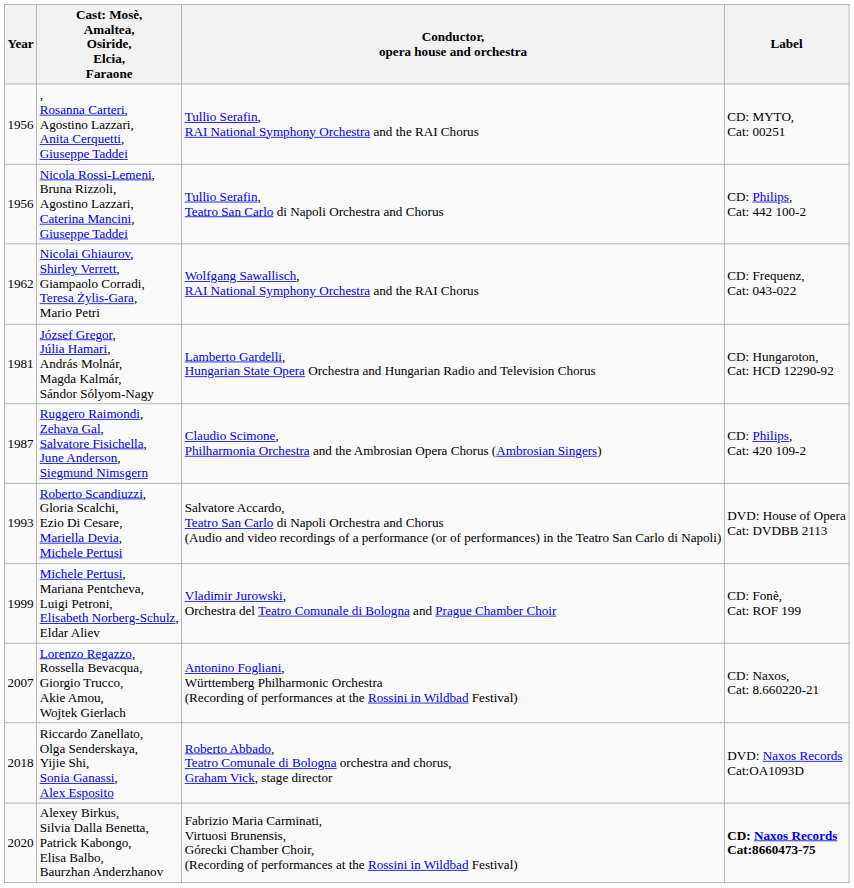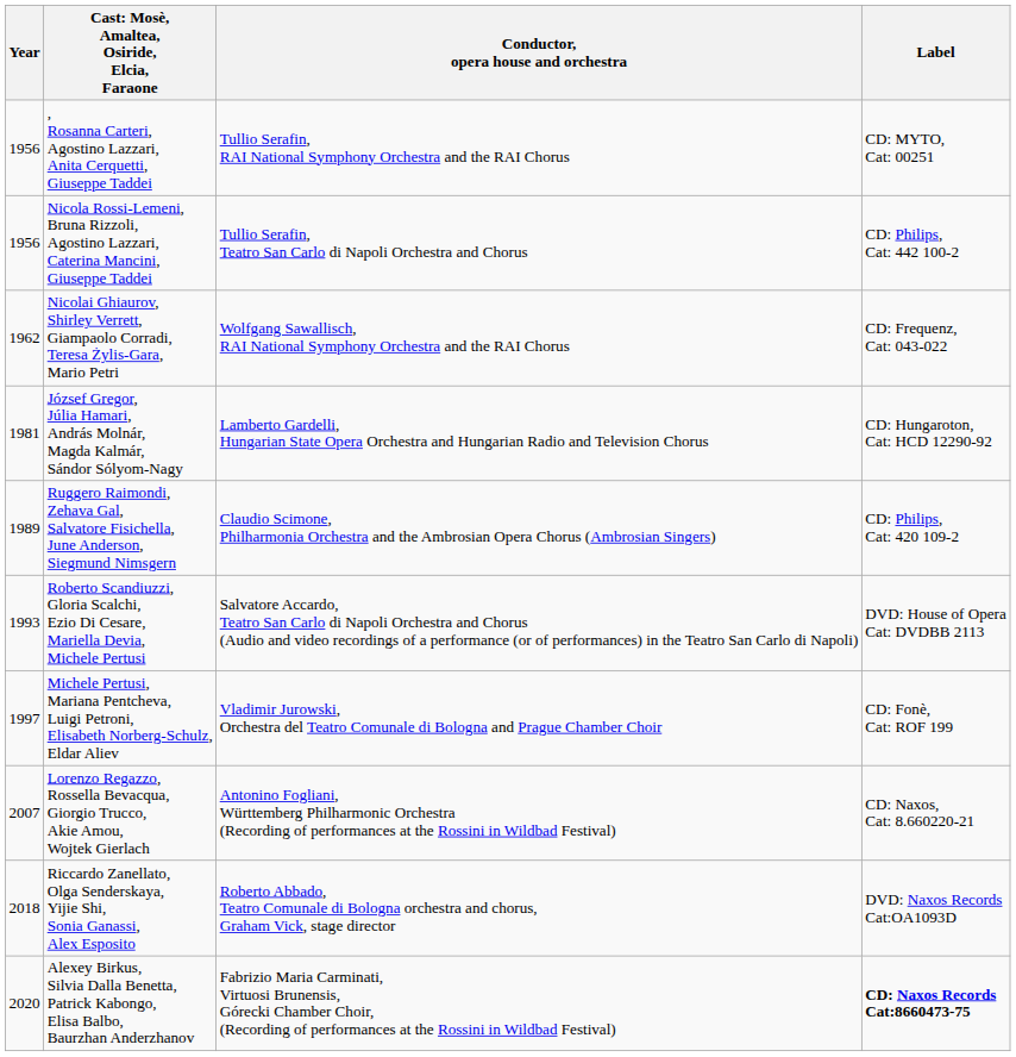 <table class="wikitable">
 <tr>
 <th>Year</th>
 <th>Cast: Mosè,<br>Amaltea,<br>Osiride,<br>Elcia,<br>Faraone</th>
 <th>Conductor,<br>opera house and orchestra</th>
 <th>Label</th>
 </tr>
 <tr>
 <td>1956</td>
 <td>,<br><a href='#'>Rosanna Carteri</a>,<br>Agostino Lazzari,<br><a href='#'>Anita Cerquetti</a>,<br><a href='#'>Giuseppe Taddei</a></td>
 <td><a href='#'>Tullio Serafin</a>,<br><a href='#'>RAI National Symphony Orchestra</a> and the RAI Chorus</td>
 <td>CD: MYTO,<br>Cat: 00251</td>
 </tr>
 <tr>
 <td>1956</td>
 <td><a href='#'>Nicola Rossi-Lemeni</a>,<br>Bruna Rizzoli,<br>Agostino Lazzari,<br><a href='#'>Caterina Mancini</a>,<br><a href='#'>Giuseppe Taddei</a></td>
 <td><a href='#'>Tullio Serafin</a>,<br><a href='#'>Teatro San Carlo</a> di Napoli Orchestra and Chorus</td>
 <td>CD: <a href='#'>Philips</a>,<br>Cat: 442 100-2</td>
 </tr>
 <tr>
 <td>1962</td>
 <td><a href='#'>Nicolai Ghiaurov</a>,<br><a href='#'>Shirley Verrett</a>,<br>Giampaolo Corradi,<br><a href='#'>Teresa Żylis-Gara</a>,<br>Mario Petri</td>
 <td><a href='#'>Wolfgang Sawallisch</a>,<br><a href='#'>RAI National Symphony Orchestra</a> and the RAI Chorus</td>
 <td>CD: Frequenz,<br>Cat: 043-022</td>
 </tr>
 <tr>
 <td>1981</td>
 <td><a href='#'>József Gregor</a>,<br><a href='#'>Júlia Hamari</a>,<br>András Molnár,<br>Magda Kalmár,<br>Sándor Sólyom-Nagy</td>
 <td><a href='#'>Lamberto Gardelli</a>,<br><a href='#'>Hungarian State Opera</a> Orchestra and Hungarian Radio and Television Chorus</td>
 <td>CD: Hungaroton,<br>Cat: HCD 12290-92</td>
 </tr>
 <tr>
-<td>1987</td>
+<td>1989</td>
 <td><a href='#'>Ruggero Raimondi</a>,<br><a href='#'>Zehava Gal</a>,<br><a href='#'>Salvatore Fisichella</a>,<br><a href='#'>June Anderson</a>,<br><a href='#'>Siegmund Nimsgern</a></td>
 <td><a href='#'>Claudio Scimone</a>,<br><a href='#'>Philharmonia Orchestra</a> and the Ambrosian Opera Chorus (<a href='#'>Ambrosian Singers</a>)</td>
 <td>CD: <a href='#'>Philips</a>,<br>Cat: 420 109-2</td>
 </tr>
 <tr>
 <td>1993</td>
 <td><a href='#'>Roberto Scandiuzzi</a>,<br>Gloria Scalchi,<br>Ezio Di Cesare,<br><a href='#'>Mariella Devia</a>,<br><a href='#'>Michele Pertusi</a></td>
 <td>Salvatore Accardo,<br><a href='#'>Teatro San Carlo</a> di Napoli Orchestra and Chorus<br>(Audio and video recordings of a performance (or of performances) in the Teatro San Carlo di Napoli)</td>
 <td>DVD: House of Opera<br>Cat: DVDBB 2113</td>
 </tr>
 <tr>
-<td>1999</td>
+<td>1997</td>
 <td><a href='#'>Michele Pertusi</a>,<br>Mariana Pentcheva,<br>Luigi Petroni,<br><a href='#'>Elisabeth Norberg-Schulz</a>,<br>Eldar Aliev</td>
 <td><a href='#'>Vladimir Jurowski</a>,<br>Orchestra del <a href='#'>Teatro Comunale di Bologna</a> and <a href='#'>Prague Chamber Choir</a></td>
 <td>CD: Fonè,<br>Cat: ROF 199</td>
 </tr>
 <tr>
 <td>2007</td>
 <td><a href='#'>Lorenzo Regazzo</a>,<br>Rossella Bevacqua,<br>Giorgio Trucco,<br>Akie Amou,<br>Wojtek Gierlach</td>
 <td><a href='#'>Antonino Fogliani</a>,<br>Württemberg Philharmonic Orchestra<br>(Recording of performances at the <a href='#'>Rossini in Wildbad</a> Festival)</td>
 <td>CD: Naxos,<br>Cat: 8.660220-21</td>
 </tr>
 <tr>
 <td>2018</td>
 <td>Riccardo Zanellato,<br>Olga Senderskaya,<br>Yijie Shi,<br><a href='#'>Sonia Ganassi</a>,<br><a href='#'>Alex Esposito</a></td>
 <td><a href='#'>Roberto Abbado</a>,<br><a href='#'>Teatro Comunale di Bologna</a> orchestra and chorus,<br><a href='#'>Graham Vick</a>, stage director</td>
 <td>DVD: <a href='#'>Naxos Records</a><br>Cat:OA1093D</td>
 </tr>
 <tr>
 <td>2020</td>
 <td>Alexey Birkus,<br>Silvia Dalla Benetta,<br>Patrick Kabongo,<br>Elisa Balbo,<br>Baurzhan Anderzhanov</td>
 <td>Fabrizio Maria Carminati,<br>Virtuosi Brunensis, <br>Górecki Chamber Choir,<br>(Recording of performances at the <a href='#'>Rossini in Wildbad</a> Festival)</td>
 <td><strong>CD: <a href='#'>Naxos Records</a><br>Cat:8660473-75</strong></td>
 </tr>
 </table>
